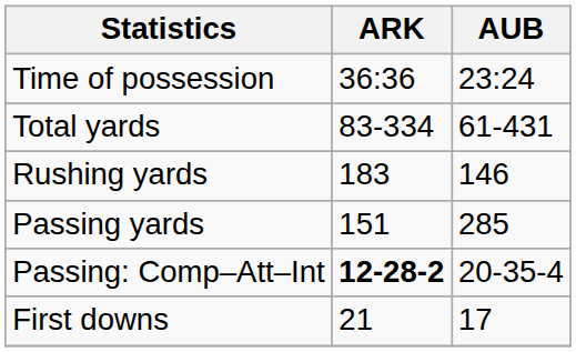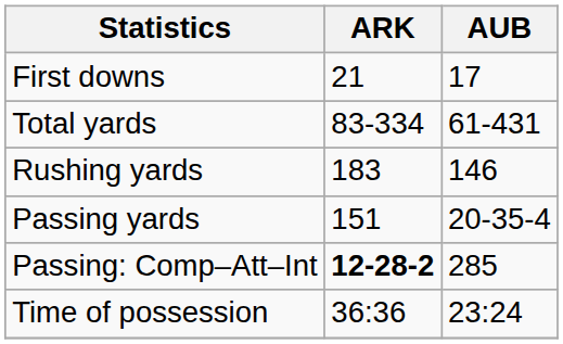 <table class="wikitable" style="float: left;">
 <tr>
 <th>Statistics</th>
 <th>ARK</th>
 <th>AUB</th>
 </tr>
 <tr>
-<td>Time of possession</td>
-<td>36:36</td>
-<td>23:24</td>
+<td>First downs</td>
+<td>21</td>
+<td>17</td>
 </tr>
 <tr>
 <td>Total yards</td>
 <td>83-334</td>
 <td>61-431</td>
 </tr>
 <tr>
 <td>Rushing yards</td>
 <td>183</td>
 <td>146</td>
 </tr>
 <tr>
 <td>Passing yards</td>
 <td>151</td>
-<td>285</td>
+<td>20-35-4</td>
 </tr>
 <tr>
 <td>Passing: Comp–Att–Int</td>
 <td><strong>12-28-2</strong></td>
-<td>20-35-4</td>
+<td>285</td>
 </tr>
 <tr>
-<td>First downs</td>
-<td>21</td>
-<td>17</td>
+<td>Time of possession</td>
+<td>36:36</td>
+<td>23:24</td>
 </tr>
 <tr>
 </tr>
 </table>
